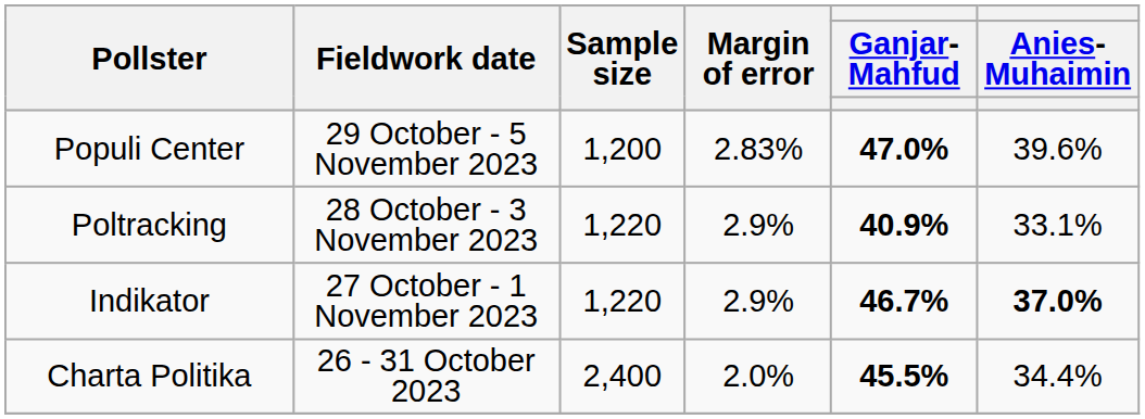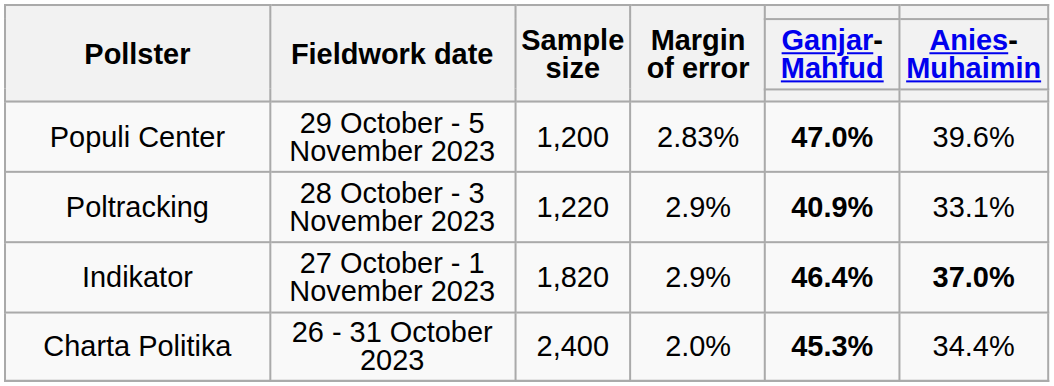 <table class="wikitable" style="text-align:center; font-size:90%; line-height:14px;">
 <tr bgcolor=lightgray>
 <th rowspan="3" style="width:125px;">Pollster</th>
 <th rowspan="3" style="width:115px;">Fieldwork date</th>
 <th rowspan="3" style="width:40px;">Sample size</th>
 <th rowspan="3" style="width:60px;">Margin of error</th>
 <th style="width:60px;"></th>
 <th style="width:60px;"></th>
 </tr>
 <tr>
 <th><a href='#'>Ganjar</a>-<a href='#'>Mahfud</a> <br></th>
 <th><a href='#'>Anies</a>-<a href='#'>Muhaimin</a> <br></th>
 </tr>
 <tr>
 <th class="unsortable" style="color:inherit;background:"></th>
 <th class="unsortable" style="color:inherit;background:"></th>
 </tr>
 <tr>
 <td>Populi Center</td>
 <td>29 October - 5 November 2023</td>
 <td>1,200</td>
 <td>2.83%</td>
 <td style="background-color:#"><strong>47.0%</strong></td>
 <td>39.6%</td>
 </tr>
 <tr>
 <td>Poltracking</td>
 <td>28 October - 3 November 2023</td>
 <td>1,220</td>
 <td>2.9%</td>
 <td style="background-color:#"><strong>40.9%</strong></td>
 <td>33.1%</td>
 </tr>
 <tr>
 <td>Indikator</td>
 <td>27 October - 1 November 2023</td>
-<td>1,220</td>
+<td>1,820</td>
 <td>2.9%</td>
-<td style="background-color:#"><strong>46.7%</strong></td>
+<td style="background-color:#"><strong>46.4%</strong></td>
 <td><strong>37.0%</strong></td>
 </tr>
 <tr>
 <td>Charta Politika</td>
 <td>26 - 31 October 2023</td>
 <td>2,400</td>
 <td>2.0%</td>
-<td style="background-color:#"><strong>45.5%</strong></td>
+<td style="background-color:#"><strong>45.3%</strong></td>
 <td>34.4%</td>
 </tr>
 <tr>
 </tr>
 </table>
